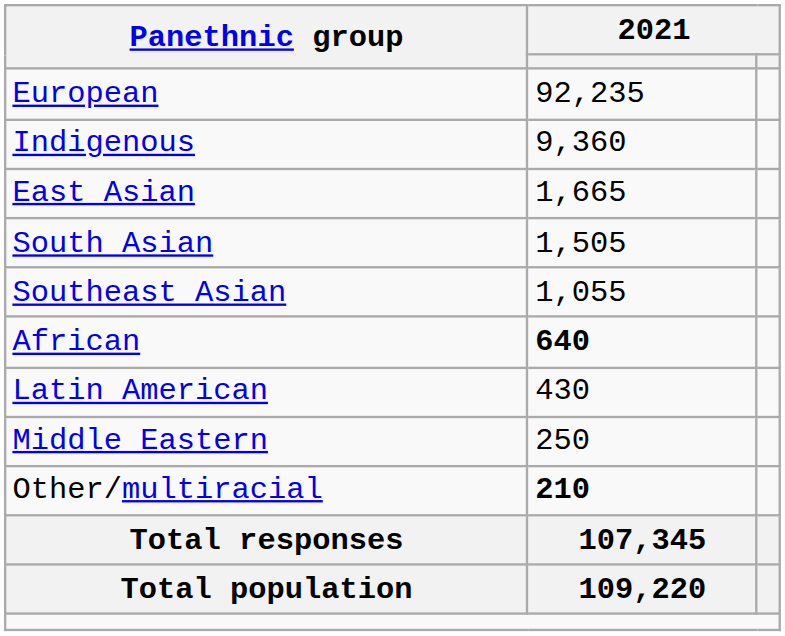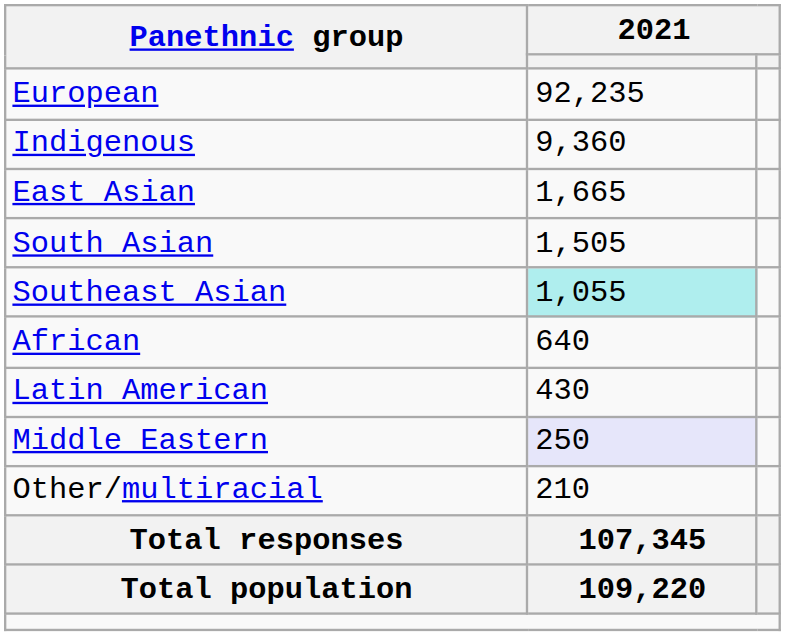 <table class="wikitable collapsible sortable">
 <tr>
 <th rowspan="2"><a href='#'>Panethnic</a> group</th>
 <th colspan="2">2021</th>
 </tr>
 <tr>
 <th><a href='#'></a></th>
 <th></th>
 </tr>
 <tr>
 <td><a href='#'>European</a></td>
 <td>92,235</td>
 <td></td>
 </tr>
 <tr>
 <td><a href='#'>Indigenous</a></td>
 <td>9,360</td>
 <td></td>
 </tr>
 <tr>
 <td><a href='#'>East Asian</a></td>
 <td>1,665</td>
 <td></td>
 </tr>
 <tr>
 <td><a href='#'>South Asian</a></td>
 <td>1,505</td>
 <td></td>
 </tr>
 <tr>
 <td><a href='#'>Southeast Asian</a></td>
-<td>1,055</td>
+<td style="background: paleturquoise;">1,055</td>
 <td></td>
 </tr>
 <tr>
 <td><a href='#'>African</a></td>
-<td><strong>640</strong></td>
+<td>640</td>
 <td></td>
 </tr>
 <tr>
 <td><a href='#'>Latin American</a></td>
 <td>430</td>
 <td></td>
 </tr>
 <tr>
 <td><a href='#'>Middle Eastern</a></td>
-<td>250</td>
+<td style="background: lavender;">250</td>
 <td></td>
 </tr>
 <tr>
 <td>Other/<a href='#'>multiracial</a></td>
-<td><strong>210</strong></td>
+<td>210</td>
 <td></td>
 </tr>
 <tr>
 <th>Total responses</th>
 <th>107,345</th>
 <th></th>
 </tr>
 <tr class="sortbottom">
 <th>Total population</th>
 <th>109,220</th>
 <th></th>
 </tr>
 <tr class="sortbottom">
 <td colspan="15" style="width: 25em;"></td>
 </tr>
 </table>
